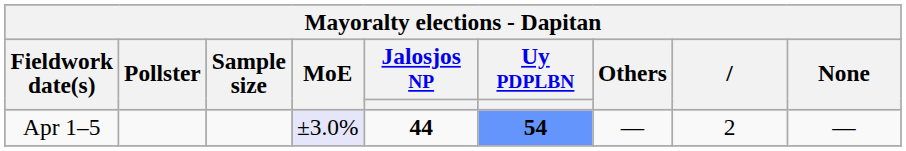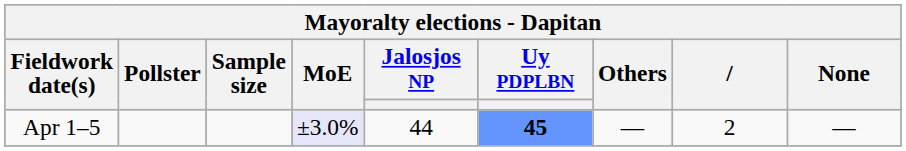 <table class="wikitable" style="text-align:center;font-size:85%;line-height:14px;">
 <tr>
 <th colspan="13">Mayoralty elections - Dapitan</th>
 </tr>
 <tr>
 <th rowspan="2">Fieldwork<br>date(s)</th>
 <th rowspan="2">Pollster</th>
 <th rowspan="2" data-sort-type="number">Sample<br>size</th>
 <th rowspan="2" data-sort-type="number"><abbr>MoE</abbr></th>
 <th class="unsortable" style="width:60px;"><a href='#'>Jalosjos</a><br><small><a href='#'>NP</a></small></th>
 <th class="unsortable" style="width:60px;"><a href='#'>Uy</a><br><small><a href='#'>PDPLBN</a></small></th>
 <th rowspan="2">Others</th>
 <th rowspan="2" class="unsortable" style="width:60px;">/<br></th>
 <th rowspan="2" style="width:60px;">None</th>
 </tr>
 <tr>
 <th style="background:"></th>
 <th style="background:"></th>
 </tr>
 <tr>
 <td>Apr 1–5</td>
 <td></td>
 <td></td>
 <td style="background: lavender;">±3.0%</td>
-<td><strong>44</strong></td>
-<td style="background:#6495FD;"><strong>54</strong></td>
+<td>44</td>
+<td style="background:#6495FD;"><strong>45</strong></td>
 <td>—</td>
 <td>2</td>
 <td>—</td>
 </tr>
 </table>
